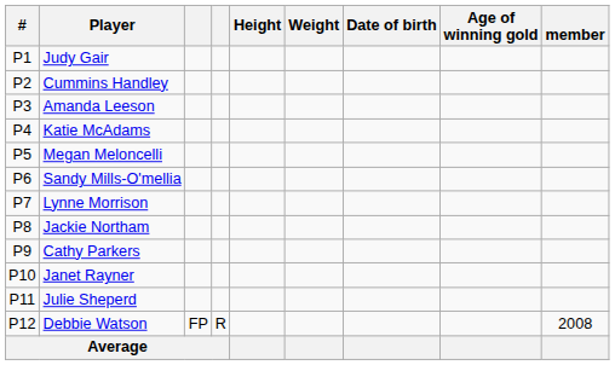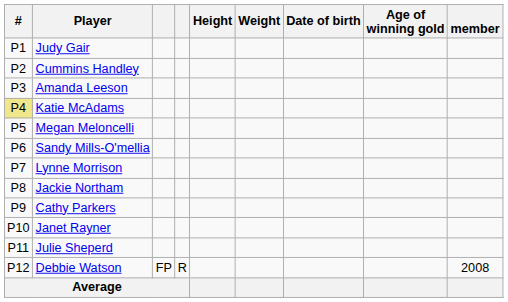 <table class="wikitable sortable" style="text-align: center; font-size: 85%; margin-left: 1em;">
 <tr>
 <th>#</th>
 <th>Player</th>
 <th></th>
 <th></th>
 <th>Height</th>
 <th>Weight</th>
 <th>Date of birth</th>
 <th>Age of<br>winning gold</th>
 <th><br>member</th>
 </tr>
 <tr>
 <td>P1</td>
 <td style="text-align: left;" data-sort-value="Gair, Judy"><a href='#'>Judy Gair</a></td>
 <td></td>
 <td></td>
 <td style="text-align: left;"></td>
 <td style="text-align: right;"></td>
 <td style="text-align: right;"></td>
 <td style="text-align: left;"></td>
 <td></td>
 </tr>
 <tr>
 <td>P2</td>
 <td style="text-align: left;" data-sort-value="Handley, Cummins"><a href='#'>Cummins Handley</a></td>
 <td></td>
 <td></td>
 <td style="text-align: left;"></td>
 <td style="text-align: right;"></td>
 <td style="text-align: right;"></td>
 <td style="text-align: left;"></td>
 <td></td>
 </tr>
 <tr>
 <td>P3</td>
 <td style="text-align: left;" data-sort-value="Leeson, Amanda"><a href='#'>Amanda Leeson</a></td>
 <td></td>
 <td></td>
 <td style="text-align: left;"></td>
 <td style="text-align: right;"></td>
 <td style="text-align: right;"></td>
 <td style="text-align: left;"></td>
 <td></td>
 </tr>
 <tr>
-<td>P4</td>
+<td style="background: khaki;">P4</td>
 <td style="text-align: left;" data-sort-value="McAdams, Katie"><a href='#'>Katie McAdams</a></td>
 <td></td>
 <td></td>
 <td style="text-align: left;"></td>
 <td style="text-align: right;"></td>
 <td style="text-align: right;"></td>
 <td style="text-align: left;"></td>
 <td></td>
 </tr>
 <tr>
 <td>P5</td>
 <td style="text-align: left;" data-sort-value="Meloncelli, Megan"><a href='#'>Megan Meloncelli</a></td>
 <td></td>
 <td></td>
 <td style="text-align: left;"></td>
 <td style="text-align: right;"></td>
 <td style="text-align: right;"></td>
 <td style="text-align: left;"></td>
 <td></td>
 </tr>
 <tr>
 <td>P6</td>
 <td style="text-align: left;" data-sort-value="Mills-O'mellia, Sandy"><a href='#'>Sandy Mills-O'mellia</a></td>
 <td></td>
 <td></td>
 <td style="text-align: left;"></td>
 <td style="text-align: right;"></td>
 <td style="text-align: right;"></td>
 <td style="text-align: left;"></td>
 <td></td>
 </tr>
 <tr>
 <td>P7</td>
 <td style="text-align: left;" data-sort-value="Morrison, Lynne"><a href='#'>Lynne Morrison</a></td>
 <td></td>
 <td></td>
 <td style="text-align: left;"></td>
 <td style="text-align: right;"></td>
 <td style="text-align: right;"></td>
 <td style="text-align: left;"></td>
 <td></td>
 </tr>
 <tr>
 <td>P8</td>
 <td style="text-align: left;" data-sort-value="Northam, Jackie"><a href='#'>Jackie Northam</a></td>
 <td></td>
 <td></td>
 <td style="text-align: left;"></td>
 <td style="text-align: right;"></td>
 <td style="text-align: right;"></td>
 <td style="text-align: left;"></td>
 <td></td>
 </tr>
 <tr>
 <td>P9</td>
 <td style="text-align: left;" data-sort-value="Parkers, Cathy"><a href='#'>Cathy Parkers</a></td>
 <td></td>
 <td></td>
 <td style="text-align: left;"></td>
 <td style="text-align: right;"></td>
 <td style="text-align: right;"></td>
 <td style="text-align: left;"></td>
 <td></td>
 </tr>
 <tr>
 <td>P10</td>
 <td style="text-align: left;" data-sort-value="Rayner, Janet"><a href='#'>Janet Rayner</a></td>
 <td></td>
 <td></td>
 <td style="text-align: left;"></td>
 <td style="text-align: right;"></td>
 <td style="text-align: right;"></td>
 <td style="text-align: left;"></td>
 <td></td>
 </tr>
 <tr>
 <td>P11</td>
 <td style="text-align: left;" data-sort-value="Sheperd, Julie"><a href='#'>Julie Sheperd</a></td>
 <td></td>
 <td></td>
 <td style="text-align: left;"></td>
 <td style="text-align: right;"></td>
 <td style="text-align: right;"></td>
 <td style="text-align: left;"></td>
 <td></td>
 </tr>
 <tr>
 <td>P12</td>
 <td style="text-align: left;" data-sort-value="Watson, Debbie"><a href='#'>Debbie Watson</a></td>
 <td>FP</td>
 <td>R</td>
 <td style="text-align: left;"></td>
 <td style="text-align: right;"></td>
 <td style="text-align: right;"></td>
 <td style="text-align: left;"></td>
 <td>2008</td>
 </tr>
 <tr>
 <th colspan="4">Average</th>
 <th style="text-align: left;"></th>
 <th style="text-align: right;"></th>
 <th style="text-align: right;"></th>
 <th style="text-align: left;"></th>
 <th></th>
 </tr>
 </table>
